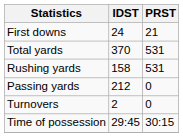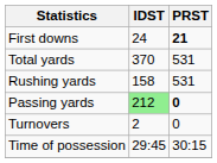 <table class="wikitable">
 <tr>
 <th>Statistics</th>
 <th>IDST</th>
 <th>PRST</th>
 </tr>
 <tr>
 <td>First downs</td>
 <td>24</td>
-<td>21</td>
+<td><strong>21</strong></td>
 </tr>
 <tr>
 <td>Total yards</td>
 <td>370</td>
 <td>531</td>
 </tr>
 <tr>
 <td>Rushing yards</td>
 <td>158</td>
 <td>531</td>
 </tr>
 <tr>
 <td>Passing yards</td>
-<td>212</td>
-<td>0</td>
+<td style="background: lightgreen;">212</td>
+<td><strong>0</strong></td>
 </tr>
 <tr>
 <td>Turnovers</td>
 <td>2</td>
 <td>0</td>
 </tr>
 <tr>
 <td>Time of possession</td>
 <td>29:45</td>
 <td>30:15</td>
 </tr>
 <tr>
 </tr>
 </table>
